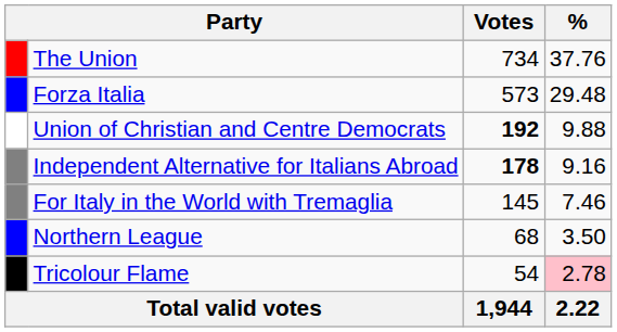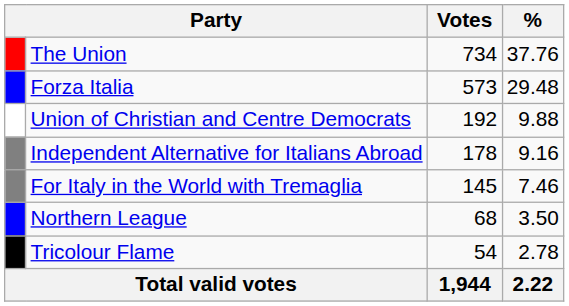 <table class="wikitable">
 <tr>
 <th colspan="2" style="width: 130px">Party</th>
 <th style="width: 50px">Votes</th>
 <th style="width: 40px">%</th>
 </tr>
 <tr>
 <td style="background-color:red">  </td>
 <td style="text-align: left"><a href='#'>The Union</a></td>
 <td style="text-align: right">734</td>
 <td style="text-align: right">37.76</td>
 </tr>
 <tr>
 <td style="background-color:blue">  </td>
 <td style="text-align: left"><a href='#'>Forza Italia</a></td>
 <td style="text-align: right">573</td>
 <td style="text-align: right">29.48</td>
 </tr>
 <tr>
 <td style="background-color:white">  </td>
 <td style="text-align: left"><a href='#'>Union of Christian and Centre Democrats</a></td>
-<td align="right"><strong>192</strong></td>
+<td align="right">192</td>
 <td align="right">9.88</td>
 </tr>
 <tr>
 <td style="background-color:grey">  </td>
 <td style="text-align: left"><a href='#'>Independent Alternative for Italians Abroad</a></td>
-<td align="right"><strong>178</strong></td>
+<td align="right">178</td>
 <td align="right">9.16</td>
 </tr>
 <tr>
 <td style="background-color:grey">  </td>
 <td style="text-align: left"><a href='#'>For Italy in the World with Tremaglia</a></td>
 <td align="right">145</td>
 <td align="right">7.46</td>
 </tr>
 <tr>
 <td style="background-color:blue">  </td>
 <td style="text-align: left"><a href='#'>Northern League</a></td>
 <td align="right">68</td>
 <td align="right">3.50</td>
 </tr>
 <tr>
 <td style="background-color:black">  </td>
 <td style="text-align: left"><a href='#'>Tricolour Flame</a></td>
 <td align="right">54</td>
-<td align="right" style="background: pink;">2.78</td>
+<td align="right">2.78</td>
 </tr>
 <tr bgcolor="white">
 <th align="right" colspan=2>Total valid votes</th>
 <th align="right">1,944</th>
 <th align="right">2.22</th>
 </tr>
 </table>
